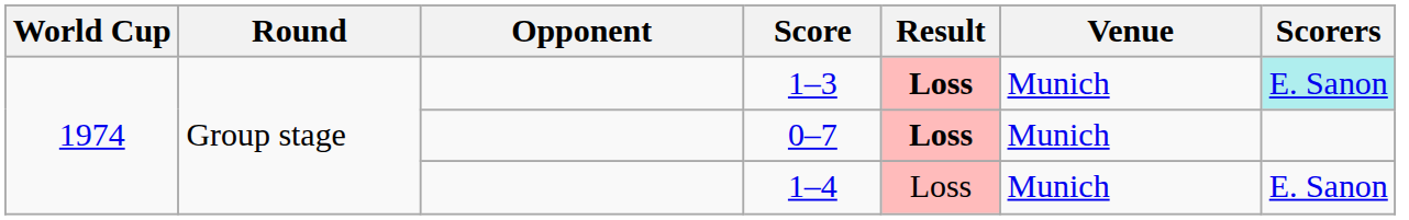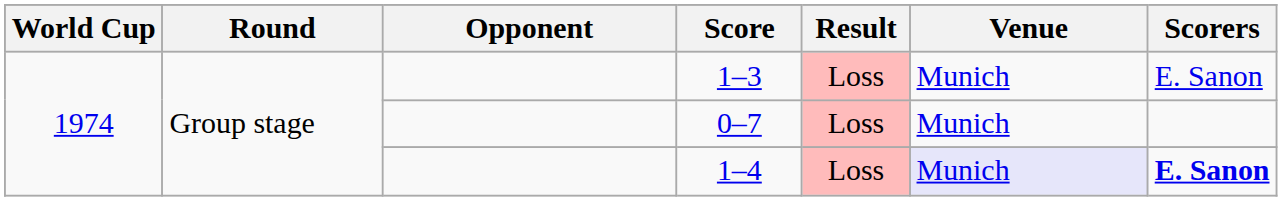 <table class="wikitable sortable" style="text-align:left;">
 <tr>
 <th>World Cup</th>
 <th width=110>Round</th>
 <th width=150>Opponent</th>
 <th width=60>Score</th>
 <th width=50>Result</th>
 <th width=120>Venue</th>
 <th>Scorers</th>
 </tr>
 <tr>
 <td rowspan="3" align=center><a href='#'>1974</a></td>
 <td rowspan="3">Group stage</td>
 <td></td>
 <td align=center><a href='#'>1–3</a></td>
-<td align=center bgcolor="#ffbbbb"><strong>Loss</strong></td>
+<td align=center bgcolor="#ffbbbb">Loss</td>
 <td><a href='#'>Munich</a></td>
-<td style="background: paleturquoise;"><a href='#'>E. Sanon</a></td>
+<td><a href='#'>E. Sanon</a></td>
 </tr>
 <tr>
 <td></td>
 <td align=center><a href='#'>0–7</a></td>
-<td align=center bgcolor="#ffbbbb"><strong>Loss</strong></td>
+<td align=center bgcolor="#ffbbbb">Loss</td>
 <td><a href='#'>Munich</a></td>
 <td></td>
 </tr>
 <tr>
 <td></td>
 <td align=center><a href='#'>1–4</a></td>
 <td align=center bgcolor="#ffbbbb">Loss</td>
-<td><a href='#'>Munich</a></td>
-<td><a href='#'>E. Sanon</a></td>
+<td style="background: lavender;"><a href='#'>Munich</a></td>
+<td><strong><a href='#'>E. Sanon</a></strong></td>
 </tr>
 </table>
